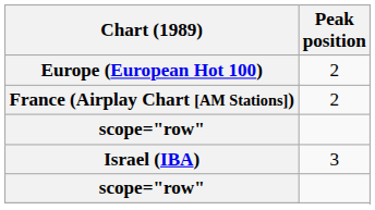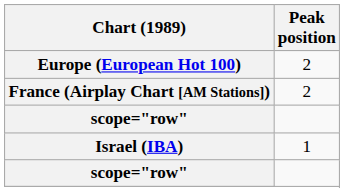 <table class="wikitable sortable plainrowheaders">
 <tr>
 <th>Chart (1989)</th>
 <th>Peak<br>position</th>
 </tr>
 <tr>
 <th scope="row">Europe (<a href='#'>European Hot 100</a>)</th>
 <td align="center">2</td>
 </tr>
 <tr>
 <th scope="row">France (Airplay Chart <small>[AM Stations]</small>)</th>
 <td align="center">2</td>
 </tr>
 <tr>
 <th>scope="row"</th>
 </tr>
 <tr>
 <th scope=row>Israel (<a href='#'>IBA</a>)</th>
-<td align="center">3</td>
+<td align="center">1</td>
 </tr>
 <tr>
 <th>scope="row"</th>
 </tr>
 <tr>
 </tr>
 </table>
